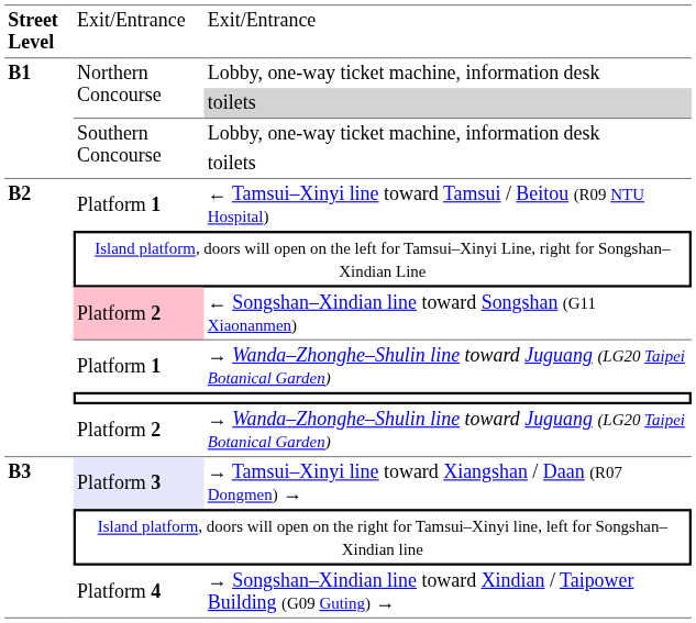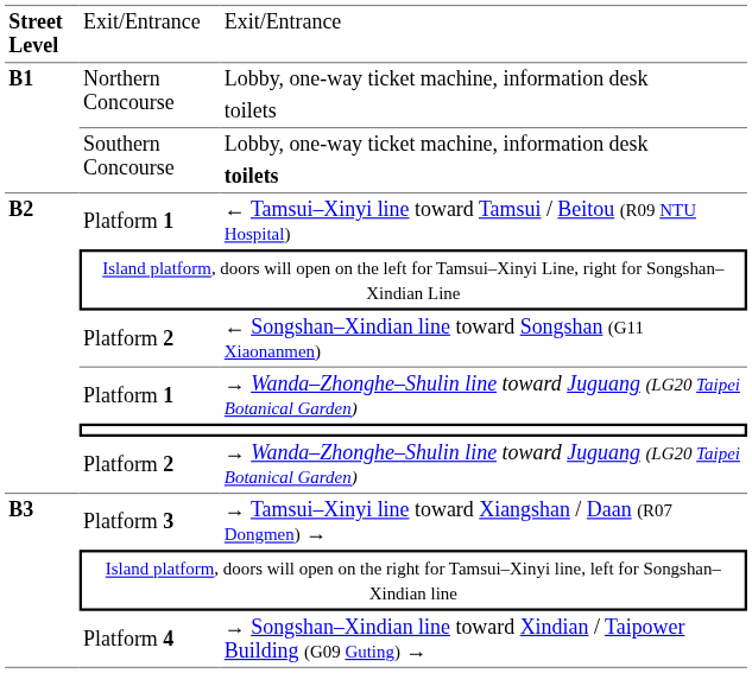 <table cellspacing=0 cellpadding=3>
 <tr>
 <td style="border-top:solid 1px gray;border-bottom:solid 1px gray;" width=50 valign=top><strong>Street Level</strong></td>
 <td style="border-top:solid 1px gray;border-bottom:solid 1px gray;" width=100 valign=top>Exit/Entrance</td>
 <td style="border-top:solid 1px gray;border-bottom:solid 1px gray;" width=390 valign=top>Exit/Entrance</td>
 </tr>
 <tr>
 <td rowspan=4 valign=top><strong>B1</strong></td>
 <td style="border-bottom:solid 1px gray;" rowspan=2 valign=top>Northern Concourse</td>
 <td>Lobby, one-way ticket machine, information desk</td>
 </tr>
 <tr>
-<td style="background: lightgrey; border-bottom:solid 1px gray;">toilets</td>
+<td style="border-bottom:solid 1px gray;">toilets</td>
 </tr>
 <tr>
 <td rowspan=2 valign=top>Southern Concourse</td>
 <td>Lobby, one-way ticket machine, information desk</td>
 </tr>
 <tr>
-<td>toilets</td>
+<td><strong>toilets</strong></td>
 </tr>
 <tr>
 <td style="border-top:solid 1px gray;border-bottom:solid 1px gray;" rowspan=6 valign=top><strong>B2</strong></td>
 <td style="border-top:solid 1px gray;">Platform <span><strong>1</strong></span></td>
 <td style="border-top:solid 1px gray;">←  <a href='#'>Tamsui–Xinyi line</a> toward <a href='#'>Tamsui</a> / <a href='#'>Beitou</a> <small>(R09 <a href='#'>NTU Hospital</a>)</small></td>
 </tr>
 <tr>
 <td style="border-top:solid 2px black;border-right:solid 2px black;border-left:solid 2px black;border-bottom:solid 2px black;" colspan=2 align=center><small><a href='#'>Island platform</a>, doors will open on the left for Tamsui–Xinyi Line, right for Songshan–Xindian Line</small></td>
 </tr>
 <tr>
-<td style="background: pink; border-bottom:solid 1px gray;">Platform <span><strong>2</strong></span></td>
+<td style="border-bottom:solid 1px gray;">Platform <span><strong>2</strong></span></td>
 <td style="border-bottom:solid 1px gray;">←  <a href='#'>Songshan–Xindian line</a> toward <a href='#'>Songshan</a> <small>(G11 <a href='#'>Xiaonanmen</a>)</small></td>
 </tr>
 <tr>
 <td>Platform <span><strong>1</strong></span></td>
 <td><span>→</span>  <em><a href='#'>Wanda–Zhonghe–Shulin line</a> toward <a href='#'>Juguang</a> <small>(LG20 <a href='#'>Taipei Botanical Garden</a>)</small></em></td>
 </tr>
 <tr>
 <td style="border-top:solid 2px black;border-right:solid 2px black;border-left:solid 2px black;border-bottom:solid 2px black;" colspan=2><em></em></td>
 </tr>
 <tr>
 <td style="border-bottom:solid 1px gray;">Platform <span><strong>2</strong></span></td>
 <td style="border-bottom:solid 1px gray;"><span>→</span>  <em><a href='#'>Wanda–Zhonghe–Shulin line</a> toward <a href='#'>Juguang</a> <small>(LG20 <a href='#'>Taipei Botanical Garden</a>)</small></em></td>
 </tr>
 <tr>
 <td style="border-bottom:solid 1px gray;" rowspan=3 valign=top><strong>B3</strong></td>
-<td style="background: lavender;">Platform <span><strong>3</strong></span></td>
+<td>Platform <span><strong>3</strong></span></td>
 <td><span>→</span>  <a href='#'>Tamsui–Xinyi line</a> toward <a href='#'>Xiangshan</a> / <a href='#'>Daan</a> <small>(R07 <a href='#'>Dongmen</a>)</small> →</td>
 </tr>
 <tr>
 <td style="border-top:solid 2px black;border-right:solid 2px black;border-left:solid 2px black;border-bottom:solid 2px black;" colspan=2 align=center><small><a href='#'>Island platform</a>, doors will open on the right for Tamsui–Xinyi line, left for Songshan–Xindian line</small></td>
 </tr>
 <tr>
 <td style="border-bottom:solid 1px gray;">Platform <span><strong>4</strong></span></td>
 <td style="border-bottom:solid 1px gray;"><span>→</span>  <a href='#'>Songshan–Xindian line</a> toward <a href='#'>Xindian</a> / <a href='#'>Taipower Building</a> <small>(G09 <a href='#'>Guting</a>)</small> →</td>
 </tr>
 <tr>
 </tr>
 </table>
